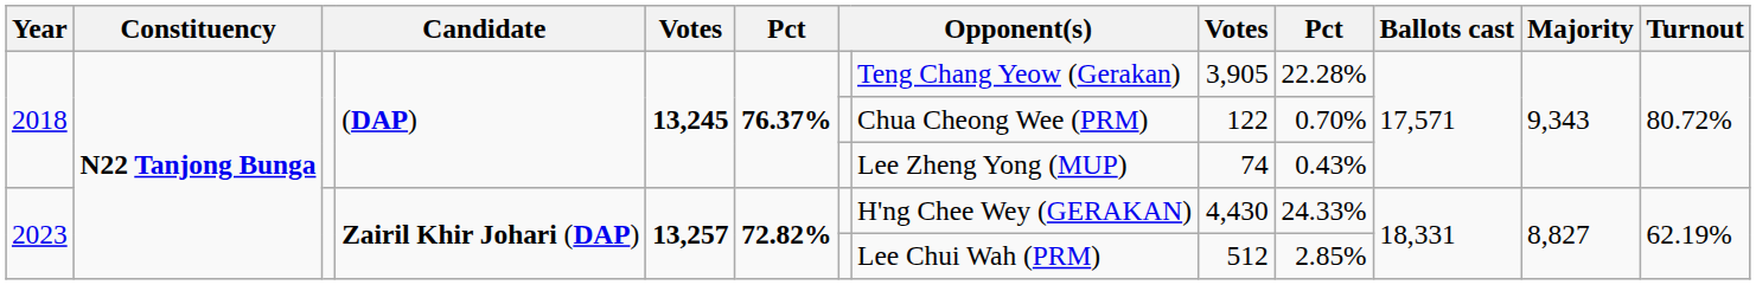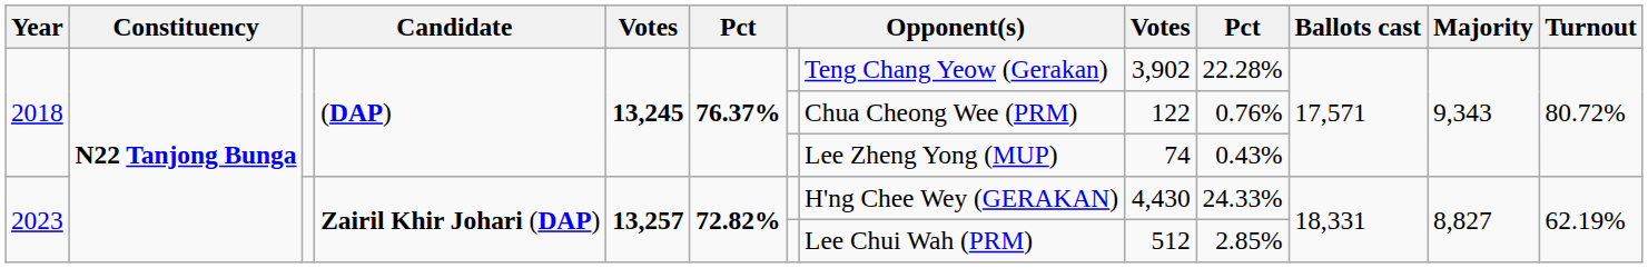 <table class="wikitable" style="margin:0.5em ; font-size:95%">
 <tr>
 <th>Year</th>
 <th>Constituency</th>
 <th colspan=2>Candidate</th>
 <th>Votes</th>
 <th>Pct</th>
 <th colspan=2>Opponent(s)</th>
 <th>Votes</th>
 <th>Pct</th>
 <th>Ballots cast</th>
 <th>Majority</th>
 <th>Turnout</th>
 </tr>
 <tr>
 <td rowspan="3"><a href='#'>2018</a></td>
 <td rowspan=5><strong>N22 <a href='#'>Tanjong Bunga</a></strong></td>
 <td rowspan="3" ></td>
 <td rowspan="3"> (<a href='#'><strong>DAP</strong></a>)</td>
 <td rowspan="3" align=right><strong>13,245</strong></td>
 <td rowspan="3"><strong>76.37%</strong></td>
 <td></td>
 <td><a href='#'>Teng Chang Yeow</a> (<a href='#'>Gerakan</a>)</td>
-<td align=right>3,905</td>
+<td align=right>3,902</td>
 <td>22.28%</td>
 <td rowspan="3">17,571</td>
 <td rowspan="3">9,343</td>
 <td rowspan="3">80.72%</td>
 </tr>
 <tr>
 <td bgcolor=></td>
 <td>Chua Cheong Wee (<a href='#'>PRM</a>)</td>
 <td align=right>122</td>
-<td align=right>0.70%</td>
+<td align=right>0.76%</td>
 </tr>
 <tr>
 <td style="background-color: "></td>
 <td>Lee Zheng Yong (<a href='#'>MUP</a>)</td>
 <td align=right>74</td>
 <td align=right>0.43%</td>
 </tr>
 <tr>
 <td rowspan=2><a href='#'>2023</a></td>
 <td rowspan=2 ></td>
 <td rowspan=2><strong>Zairil Khir Johari</strong> (<a href='#'><strong>DAP</strong></a>)</td>
 <td rowspan=2 align=right><strong>13,257</strong></td>
 <td rowspan=2><strong>72.82%</strong></td>
 <td></td>
 <td>H'ng Chee Wey (<a href='#'>GERAKAN</a>)</td>
 <td align=right>4,430</td>
 <td>24.33%</td>
 <td rowspan=2>18,331</td>
 <td rowspan=2>8,827</td>
 <td rowspan=2>62.19%</td>
 </tr>
 <tr>
 <td bgcolor=></td>
 <td>Lee Chui Wah (<a href='#'>PRM</a>)</td>
 <td align=right>512</td>
 <td align=right>2.85%</td>
 </tr>
 </table>
